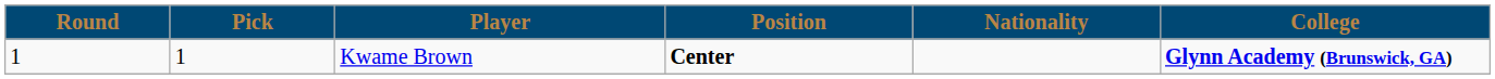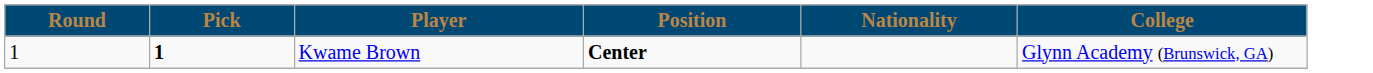 <table class="wikitable sortable sortable">
 <tr>
 <th style="background:#004874; color:#BA8545" width="10%">Round</th>
 <th style="background:#004874; color:#BA8545" width="10%">Pick</th>
 <th style="background:#004874; color:#BA8545" width="20%">Player</th>
 <th style="background:#004874; color:#BA8545" width="15%">Position</th>
 <th style="background:#004874; color:#BA8545" width="15%">Nationality</th>
 <th style="background:#004874; color:#BA8545" width="20%">College</th>
 </tr>
 <tr>
 <td>1</td>
-<td>1</td>
+<td><strong>1</strong></td>
 <td><a href='#'>Kwame Brown</a></td>
 <td><strong>Center</strong></td>
 <td></td>
-<td><strong><a href='#'>Glynn Academy</a> <small>(<a href='#'>Brunswick, GA</a>)</small></strong></td>
+<td><a href='#'>Glynn Academy</a> <small>(<a href='#'>Brunswick, GA</a>)</small></td>
 </tr>
 <tr>
 </tr>
 </table>
